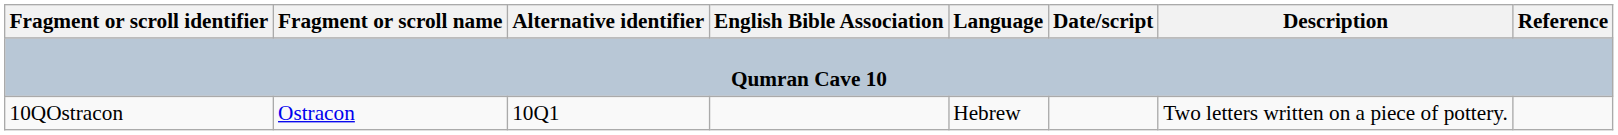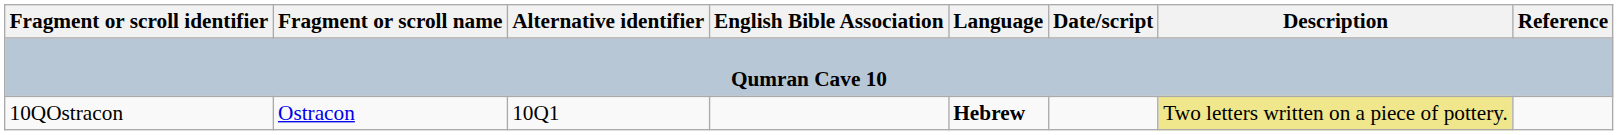 <table class="wikitable collapsible collapsed">
 <tr>
 <th>Fragment or scroll identifier</th>
 <th>Fragment or scroll name</th>
 <th>Alternative identifier</th>
 <th>English Bible Association</th>
 <th>Language</th>
 <th>Date/script</th>
 <th>Description</th>
 <th>Reference</th>
 </tr>
 <tr>
 <th colspan="8" style="background:#b8c7d6;"><br>Qumran Cave 10</th>
 </tr>
 <tr>
 <td>10QOstracon</td>
 <td><a href='#'>Ostracon</a></td>
 <td>10Q1</td>
 <td></td>
-<td>Hebrew</td>
+<td><strong>Hebrew</strong></td>
 <td></td>
-<td>Two letters written on a piece of pottery.</td>
+<td style="background: khaki;">Two letters written on a piece of pottery.</td>
 <td></td>
 </tr>
 </table>
